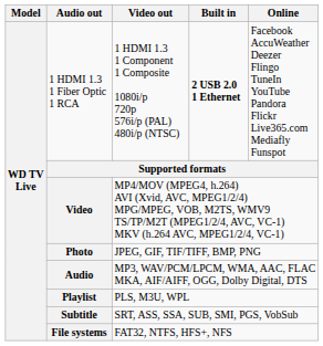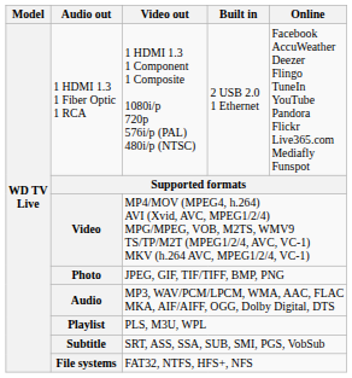 <table class="wikitable" style="margin:1em auto;">
 <tr>
 <th>Model</th>
 <th width=90>Audio out</th>
 <th>Video out</th>
 <th>Built in</th>
 <th>Online</th>
 </tr>
 <tr>
 <th rowspan="8"><strong>WD TV<br>Live</strong></th>
 <td>1 HDMI 1.3<br>1 Fiber Optic<br>1 RCA</td>
 <td>1 HDMI 1.3<br>1 Component<br>1 Composite<br><br>1080i/p<br>720p<br>576i/p (PAL)<br>480i/p (NTSC)</td>
-<td><strong>2 USB 2.0<br>1 Ethernet</strong></td>
+<td>2 USB 2.0<br>1 Ethernet</td>
 <td>Facebook<br>AccuWeather<br>Deezer<br>Flingo<br>TuneIn<br>YouTube<br>Pandora<br>Flickr<br>Live365.com<br>Mediafly<br>Funspot</td>
 </tr>
 <tr>
 <th colspan="4">Supported formats</th>
 </tr>
 <tr>
 <th>Video</th>
 <td colspan="3">MP4/MOV (MPEG4, h.264)<br>AVI (Xvid, AVC, MPEG1/2/4)<br>MPG/MPEG, VOB, M2TS, WMV9<br>TS/TP/M2T (MPEG1/2/4, AVC, VC-1)<br>MKV (h.264 AVC, MPEG1/2/4, VC-1)</td>
 </tr>
 <tr>
 <th>Photo</th>
 <td colspan="3">JPEG, GIF, TIF/TIFF, BMP, PNG</td>
 </tr>
 <tr>
 <th>Audio</th>
 <td colspan="3">MP3, WAV/PCM/LPCM, WMA, AAC, FLAC<br>MKA, AIF/AIFF, OGG, Dolby Digital, DTS</td>
 </tr>
 <tr>
 <th>Playlist</th>
 <td colspan="3">PLS, M3U, WPL</td>
 </tr>
 <tr>
 <th>Subtitle</th>
 <td colspan="3">SRT, ASS, SSA, SUB, SMI, PGS, VobSub</td>
 </tr>
 <tr>
 <th>File systems</th>
 <td colspan="3">FAT32, NTFS, HFS+, NFS</td>
 </tr>
 </table>
